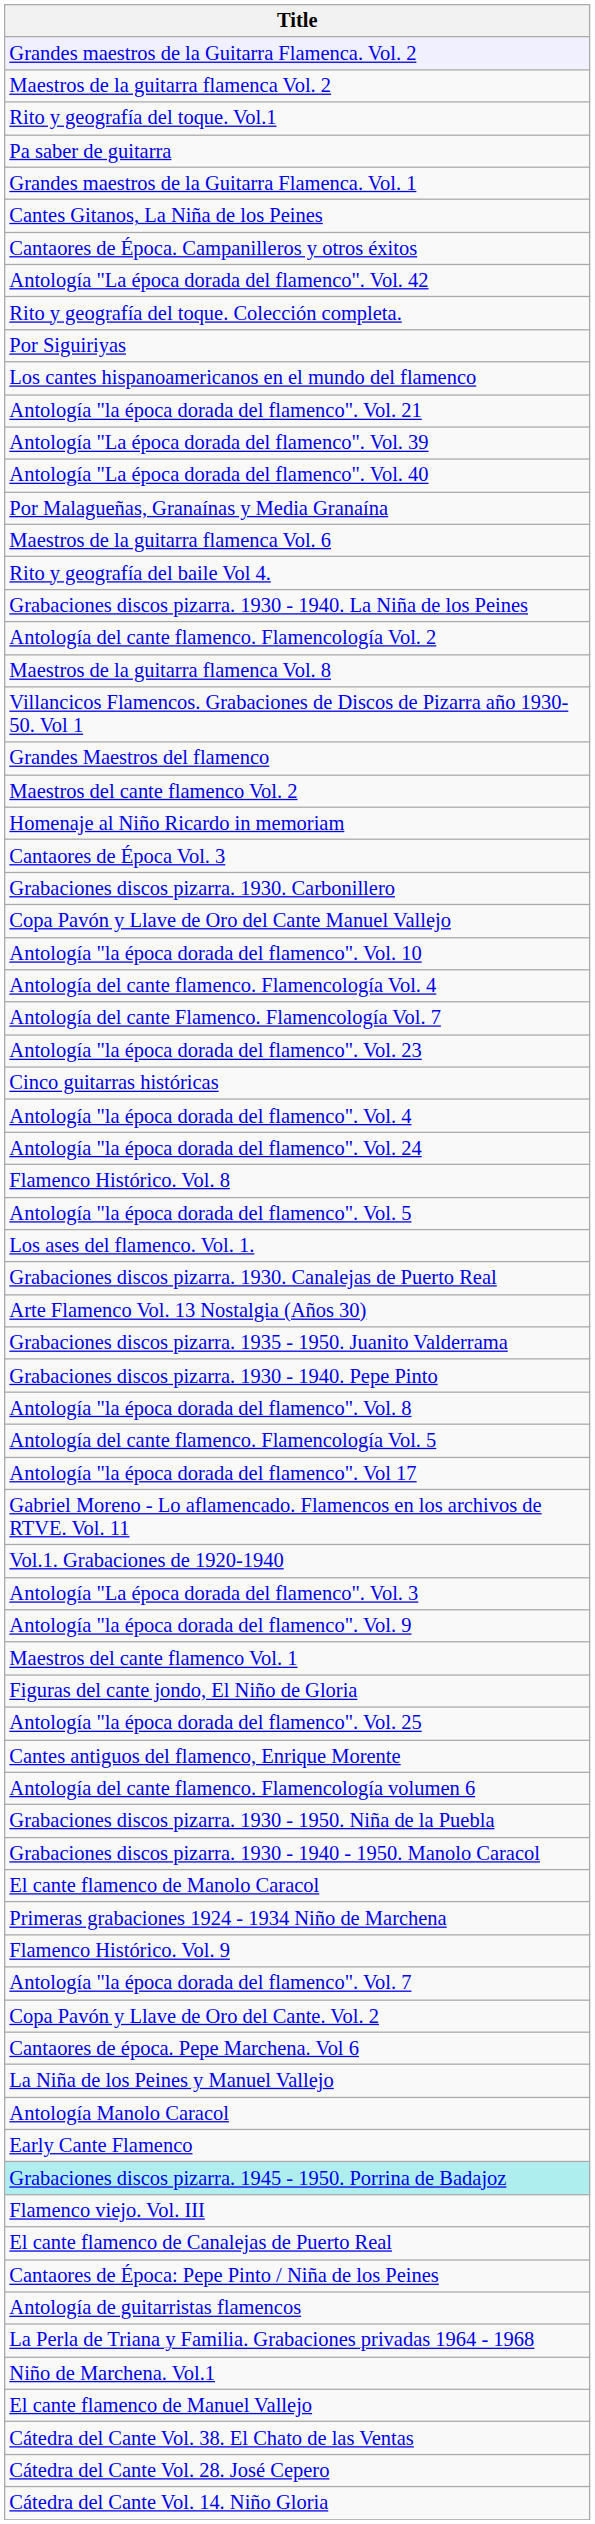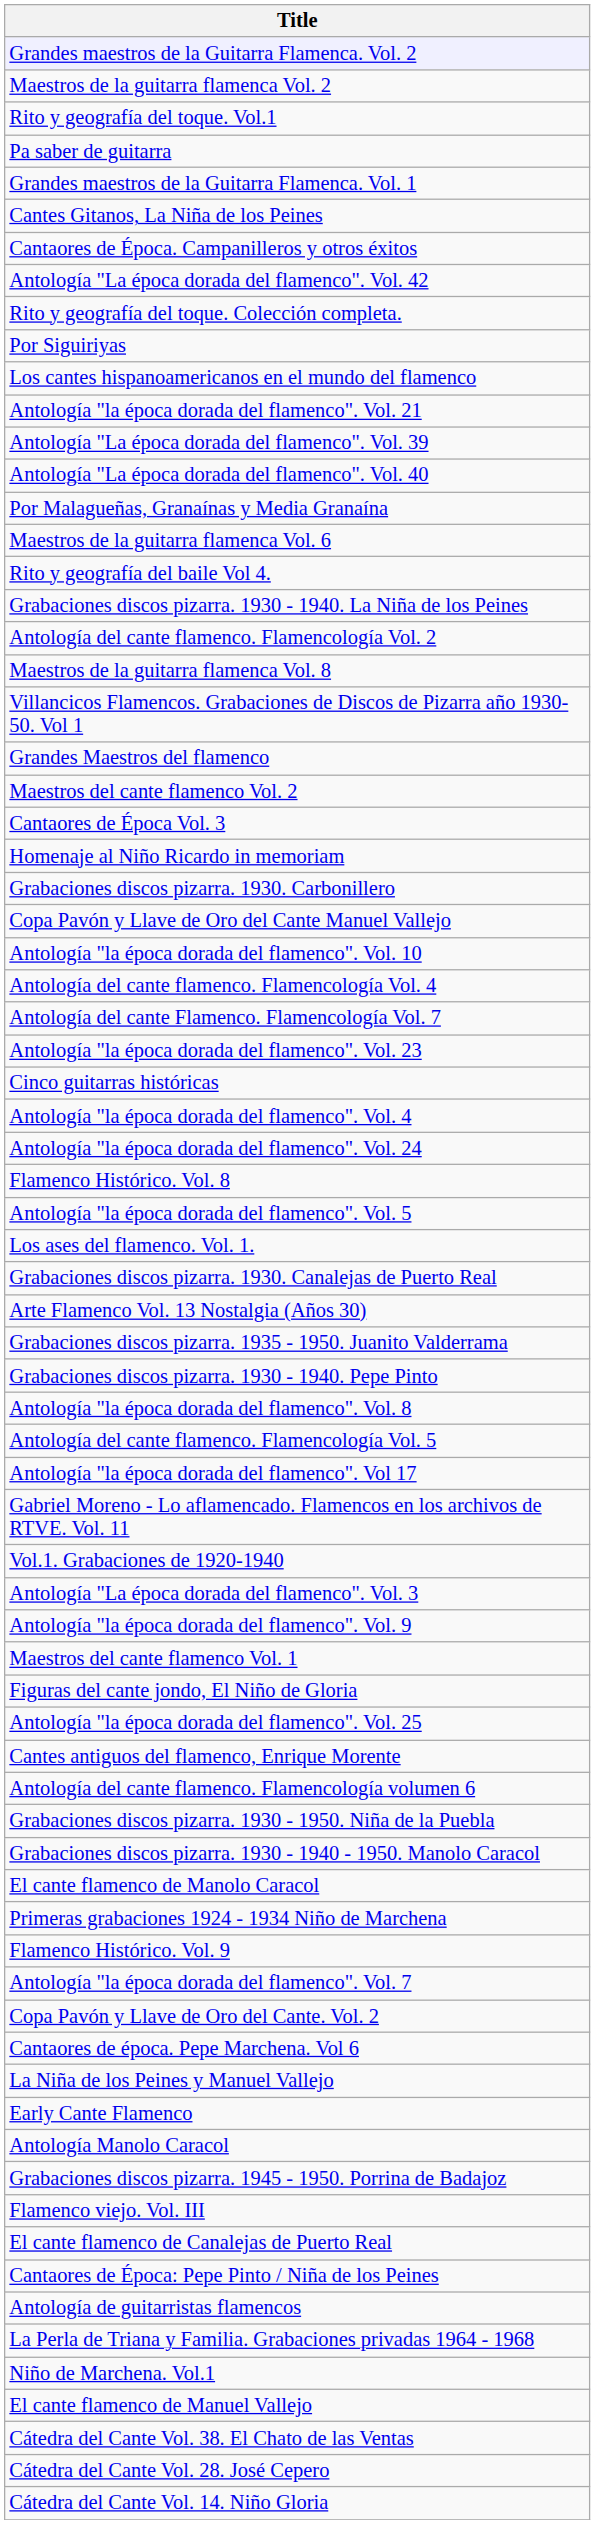 <table class="wikitable">
 <tr>
 <th width="450" rowspan="1"><strong>Title</strong></th>
 </tr>
 <tr ---- bgcolor="#f0f0ff">
 <td><a href='#'>Grandes maestros de la Guitarra Flamenca. Vol. 2</a></td>
 </tr>
 <tr>
 <td><a href='#'>Maestros de la guitarra flamenca Vol. 2</a></td>
 </tr>
 <tr>
 <td><a href='#'>Rito y geografía del toque. Vol.1</a></td>
 </tr>
 <tr>
 <td><a href='#'>Pa saber de guitarra</a></td>
 </tr>
 <tr>
 <td><a href='#'>Grandes maestros de la Guitarra Flamenca. Vol. 1</a></td>
 </tr>
 <tr>
 <td><a href='#'>Cantes Gitanos, La Niña de los Peines</a></td>
 </tr>
 <tr>
 <td><a href='#'>Cantaores de Época. Campanilleros y otros éxitos</a></td>
 </tr>
 <tr>
 <td><a href='#'>Antología "La época dorada del flamenco". Vol. 42</a></td>
 </tr>
 <tr>
 <td><a href='#'>Rito y geografía del toque. Colección completa.</a></td>
 </tr>
 <tr>
 <td><a href='#'>Por Siguiriyas</a></td>
 </tr>
 <tr>
 <td><a href='#'>Los cantes hispanoamericanos en el mundo del flamenco</a></td>
 </tr>
 <tr>
 <td><a href='#'>Antología "la época dorada del flamenco". Vol. 21</a></td>
 </tr>
 <tr>
 <td><a href='#'>Antología "La época dorada del flamenco". Vol. 39</a></td>
 </tr>
 <tr>
 <td><a href='#'>Antología "La época dorada del flamenco". Vol. 40</a></td>
 </tr>
 <tr>
 <td><a href='#'>Por Malagueñas, Granaínas y Media Granaína</a></td>
 </tr>
 <tr>
 <td><a href='#'>Maestros de la guitarra flamenca Vol. 6</a></td>
 </tr>
 <tr>
 <td><a href='#'>Rito y geografía del baile Vol 4.</a></td>
 </tr>
 <tr>
 <td><a href='#'>Grabaciones discos pizarra. 1930 - 1940. La Niña de los Peines</a></td>
 </tr>
 <tr>
 <td><a href='#'>Antología del cante flamenco. Flamencología Vol. 2</a></td>
 </tr>
 <tr>
 <td><a href='#'>Maestros de la guitarra flamenca Vol. 8</a></td>
 </tr>
 <tr>
 <td><a href='#'>Villancicos Flamencos. Grabaciones de Discos de Pizarra año 1930-50. Vol 1</a></td>
 </tr>
 <tr>
 <td><a href='#'>Grandes Maestros del flamenco</a></td>
 </tr>
 <tr>
 <td><a href='#'>Maestros del cante flamenco Vol. 2</a></td>
 </tr>
 <tr>
-<td><a href='#'>Homenaje al Niño Ricardo in memoriam</a></td>
+<td><a href='#'>Cantaores de Época Vol. 3</a></td>
 </tr>
 <tr>
-<td><a href='#'>Cantaores de Época Vol. 3</a></td>
+<td><a href='#'>Homenaje al Niño Ricardo in memoriam</a></td>
 </tr>
 <tr>
 <td><a href='#'>Grabaciones discos pizarra. 1930. Carbonillero</a></td>
 </tr>
 <tr>
 <td><a href='#'>Copa Pavón y Llave de Oro del Cante Manuel Vallejo</a></td>
 </tr>
 <tr>
 <td><a href='#'>Antología "la época dorada del flamenco". Vol. 10</a></td>
 </tr>
 <tr>
 <td><a href='#'>Antología del cante flamenco. Flamencología Vol. 4</a></td>
 </tr>
 <tr>
 <td><a href='#'>Antología del cante Flamenco. Flamencología Vol. 7</a></td>
 </tr>
 <tr>
 <td><a href='#'>Antología "la época dorada del flamenco". Vol. 23</a></td>
 </tr>
 <tr>
 <td><a href='#'>Cinco guitarras históricas</a></td>
 </tr>
 <tr>
 <td><a href='#'>Antología "la época dorada del flamenco". Vol. 4</a></td>
 </tr>
 <tr>
 <td><a href='#'>Antología "la época dorada del flamenco". Vol. 24</a></td>
 </tr>
 <tr>
 <td><a href='#'>Flamenco Histórico. Vol. 8</a></td>
 </tr>
 <tr>
 <td><a href='#'>Antología "la época dorada del flamenco". Vol. 5</a></td>
 </tr>
 <tr>
 <td><a href='#'>Los ases del flamenco. Vol. 1.</a></td>
 </tr>
 <tr>
 <td><a href='#'>Grabaciones discos pizarra. 1930. Canalejas de Puerto Real</a></td>
 </tr>
 <tr>
 <td><a href='#'>Arte Flamenco Vol. 13 Nostalgia (Años 30)</a></td>
 </tr>
 <tr>
 <td><a href='#'>Grabaciones discos pizarra. 1935 - 1950. Juanito Valderrama</a></td>
 </tr>
 <tr>
 <td><a href='#'>Grabaciones discos pizarra. 1930 - 1940. Pepe Pinto</a></td>
 </tr>
 <tr>
 <td><a href='#'>Antología "la época dorada del flamenco". Vol. 8</a></td>
 </tr>
 <tr>
 <td><a href='#'>Antología del cante flamenco. Flamencología Vol. 5</a></td>
 </tr>
 <tr>
 <td><a href='#'>Antología "la época dorada del flamenco". Vol 17</a></td>
 </tr>
 <tr>
 <td><a href='#'>Gabriel Moreno - Lo aflamencado. Flamencos en los archivos de RTVE. Vol. 11</a></td>
 </tr>
 <tr>
 <td><a href='#'>Vol.1. Grabaciones de 1920-1940</a></td>
 </tr>
 <tr>
 <td><a href='#'>Antología "La época dorada del flamenco". Vol. 3</a></td>
 </tr>
 <tr>
 <td><a href='#'>Antología "la época dorada del flamenco". Vol. 9</a></td>
 </tr>
 <tr>
 <td><a href='#'>Maestros del cante flamenco Vol. 1</a></td>
 </tr>
 <tr>
 <td><a href='#'>Figuras del cante jondo, El Niño de Gloria</a></td>
 </tr>
 <tr>
 <td><a href='#'>Antología "la época dorada del flamenco". Vol. 25</a></td>
 </tr>
 <tr>
 <td><a href='#'>Cantes antiguos del flamenco, Enrique Morente</a></td>
 </tr>
 <tr>
 <td><a href='#'>Antología del cante flamenco. Flamencología volumen 6</a></td>
 </tr>
 <tr>
 <td><a href='#'>Grabaciones discos pizarra. 1930 - 1950. Niña de la Puebla</a></td>
 </tr>
 <tr>
 <td><a href='#'>Grabaciones discos pizarra. 1930 - 1940 - 1950. Manolo Caracol</a></td>
 </tr>
 <tr>
 <td><a href='#'>El cante flamenco de Manolo Caracol</a></td>
 </tr>
 <tr>
 <td><a href='#'>Primeras grabaciones 1924 - 1934 Niño de Marchena</a></td>
 </tr>
 <tr>
 <td><a href='#'>Flamenco Histórico. Vol. 9</a></td>
 </tr>
 <tr>
 <td><a href='#'>Antología "la época dorada del flamenco". Vol. 7</a></td>
 </tr>
 <tr>
 <td><a href='#'>Copa Pavón y Llave de Oro del Cante. Vol. 2</a></td>
 </tr>
 <tr>
 <td><a href='#'>Cantaores de época. Pepe Marchena. Vol 6</a></td>
 </tr>
 <tr>
 <td><a href='#'>La Niña de los Peines y Manuel Vallejo</a></td>
 </tr>
 <tr>
+<td><a href='#'>Early Cante Flamenco</a></td>
+</tr>
+<tr>
 <td><a href='#'>Antología Manolo Caracol</a></td>
 </tr>
 <tr>
-<td><a href='#'>Early Cante Flamenco</a></td>
-</tr>
-<tr>
-<td style="background: paleturquoise;"><a href='#'>Grabaciones discos pizarra. 1945 - 1950. Porrina de Badajoz</a></td>
+<td><a href='#'>Grabaciones discos pizarra. 1945 - 1950. Porrina de Badajoz</a></td>
 </tr>
 <tr>
 <td><a href='#'>Flamenco viejo. Vol. III</a></td>
 </tr>
 <tr>
 <td><a href='#'>El cante flamenco de Canalejas de Puerto Real</a></td>
 </tr>
 <tr>
 <td><a href='#'>Cantaores de Época: Pepe Pinto / Niña de los Peines</a></td>
 </tr>
 <tr>
 <td><a href='#'>Antología de guitarristas flamencos</a></td>
 </tr>
 <tr>
 <td><a href='#'>La Perla de Triana y Familia. Grabaciones privadas 1964 - 1968</a></td>
 </tr>
 <tr>
 <td><a href='#'>Niño de Marchena. Vol.1</a></td>
 </tr>
 <tr>
 <td><a href='#'>El cante flamenco de Manuel Vallejo</a></td>
 </tr>
 <tr>
 <td><a href='#'>Cátedra del Cante Vol. 38. El Chato de las Ventas</a></td>
 </tr>
 <tr>
 <td><a href='#'>Cátedra del Cante Vol. 28. José Cepero</a></td>
 </tr>
 <tr>
 <td><a href='#'>Cátedra del Cante Vol. 14. Niño Gloria</a></td>
 </tr>
 </table>
